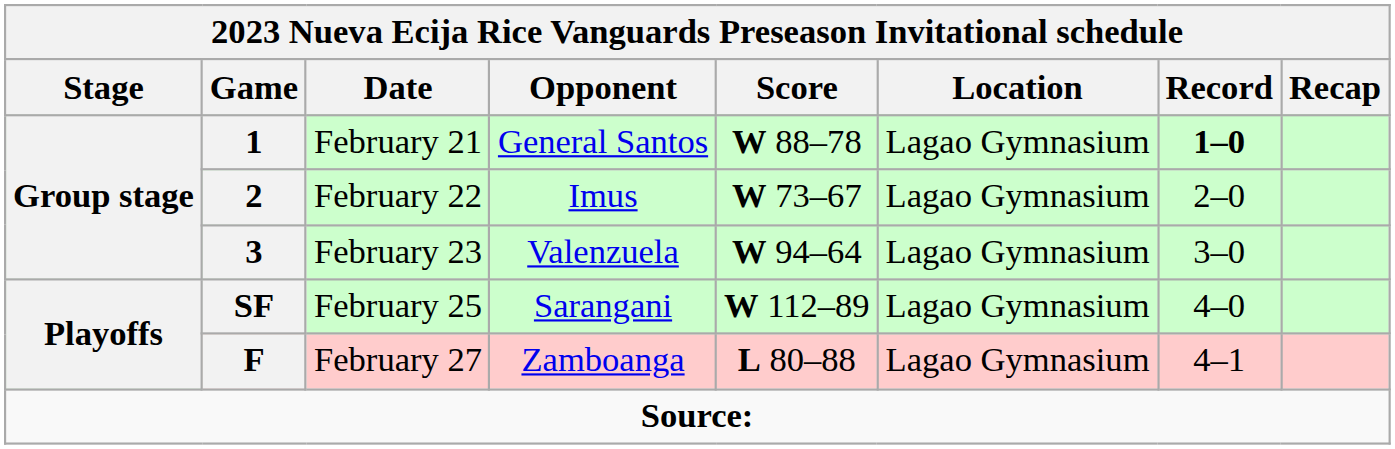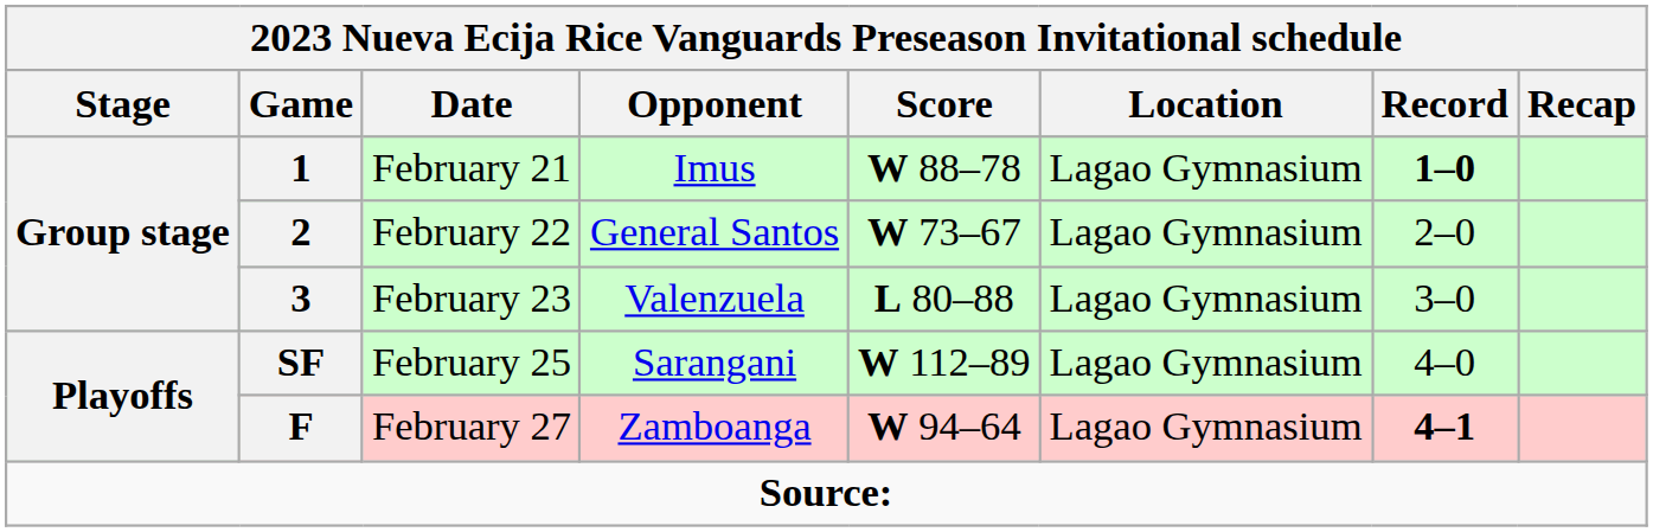 <table class="wikitable" style="text-align:center">
 <tr>
 <th colspan=8>2023 Nueva Ecija Rice Vanguards Preseason Invitational schedule</th>
 </tr>
 <tr>
 <th>Stage</th>
 <th>Game</th>
 <th>Date</th>
 <th>Opponent</th>
 <th>Score</th>
 <th>Location</th>
 <th>Record</th>
 <th>Recap<br></th>
 </tr>
 <tr style="background:#cfc">
 <th rowspan=3>Group stage</th>
 <th>1</th>
 <td>February 21</td>
-<td><a href='#'>General Santos</a></td>
+<td><a href='#'>Imus</a></td>
 <td><strong>W</strong> 88–78</td>
 <td>Lagao Gymnasium</td>
 <td><strong>1–0</strong></td>
 <td></td>
 </tr>
 <tr style="background:#cfc">
 <th>2</th>
 <td>February 22</td>
-<td><a href='#'>Imus</a></td>
+<td><a href='#'>General Santos</a></td>
 <td><strong>W</strong> 73–67</td>
 <td>Lagao Gymnasium</td>
 <td>2–0</td>
 <td></td>
 </tr>
 <tr style="background:#cfc">
 <th>3</th>
 <td>February 23</td>
 <td><a href='#'>Valenzuela</a></td>
-<td><strong>W</strong> 94–64</td>
+<td><strong>L</strong> 80–88</td>
 <td>Lagao Gymnasium</td>
 <td>3–0</td>
 <td><br></td>
 </tr>
 <tr style="background:#cfc">
 <th rowspan=2>Playoffs</th>
 <th>SF</th>
 <td>February 25</td>
 <td><a href='#'>Sarangani</a></td>
 <td><strong>W</strong> 112–89</td>
 <td>Lagao Gymnasium</td>
 <td>4–0</td>
 <td></td>
 </tr>
 <tr style="background:#fcc">
 <th>F</th>
 <td>February 27</td>
 <td><a href='#'>Zamboanga</a></td>
-<td><strong>L</strong> 80–88</td>
+<td><strong>W</strong> 94–64</td>
 <td>Lagao Gymnasium</td>
-<td>4–1</td>
+<td><strong>4–1</strong></td>
 <td></td>
 </tr>
 <tr>
 <td colspan=8 align=center><strong>Source: </strong></td>
 </tr>
 </table>
